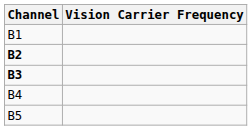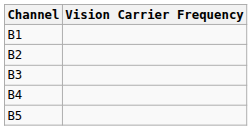 <table class="wikitable">
 <tr>
 <th>Channel</th>
 <th>Vision Carrier Frequency</th>
 </tr>
 <tr>
 <td>B1</td>
 <td></td>
 </tr>
 <tr>
-<td><strong>B2</strong></td>
+<td>B2</td>
 <td></td>
 </tr>
 <tr>
-<td><strong>B3</strong></td>
+<td>B3</td>
 <td></td>
 </tr>
 <tr>
 <td>B4</td>
 <td></td>
 </tr>
 <tr>
 <td>B5</td>
 <td></td>
 </tr>
 </table>
